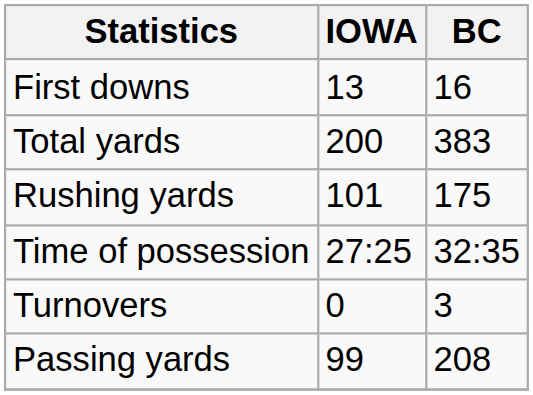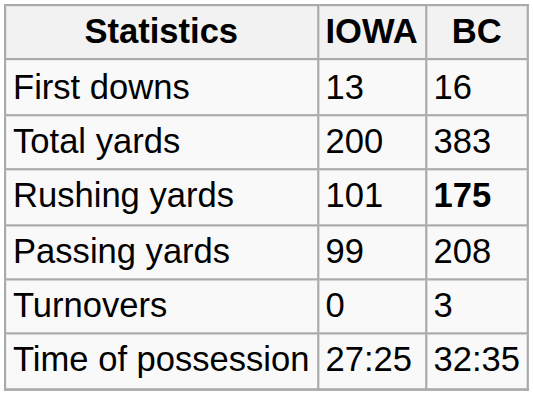 <table class="wikitable">
 <tr>
 <th>Statistics</th>
 <th>IOWA</th>
 <th>BC</th>
 </tr>
 <tr>
 <td>First downs</td>
 <td>13</td>
 <td>16</td>
 </tr>
 <tr>
 <td>Total yards</td>
 <td>200</td>
 <td>383</td>
 </tr>
 <tr>
 <td>Rushing yards</td>
 <td>101</td>
-<td>175</td>
+<td><strong>175</strong></td>
+</tr>
+<tr>
+<td>Passing yards</td>
+<td>99</td>
+<td>208</td>
+</tr>
+<tr>
+<td>Turnovers</td>
+<td>0</td>
+<td>3</td>
 </tr>
 <tr>
 <td>Time of possession</td>
 <td>27:25</td>
 <td>32:35</td>
 </tr>
 <tr>
-<td>Turnovers</td>
-<td>0</td>
-<td>3</td>
-</tr>
-<tr>
-<td>Passing yards</td>
-<td>99</td>
-<td>208</td>
-</tr>
-<tr>
 </tr>
 </table>
